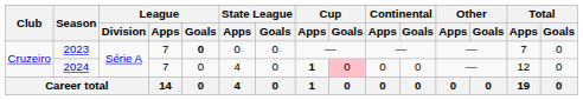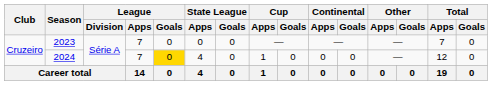 <table class="wikitable" style="text-align: center;">
 <tr>
 <th rowspan="2">Club</th>
 <th rowspan="2">Season</th>
 <th colspan="3">League</th>
 <th colspan="2">State League</th>
 <th colspan="2">Cup</th>
 <th colspan="2">Continental</th>
 <th colspan="2">Other</th>
 <th colspan="2">Total</th>
 </tr>
 <tr>
 <th>Division</th>
 <th>Apps</th>
 <th>Goals</th>
 <th>Apps</th>
 <th>Goals</th>
 <th>Apps</th>
 <th>Goals</th>
 <th>Apps</th>
 <th>Goals</th>
 <th>Apps</th>
 <th>Goals</th>
 <th>Apps</th>
 <th>Goals</th>
 </tr>
 <tr>
 <td rowspan="2"><a href='#'>Cruzeiro</a></td>
 <td><a href='#'>2023</a></td>
 <td rowspan="2"><a href='#'>Série A</a></td>
 <td>7</td>
-<td><strong>0</strong></td>
+<td>0</td>
 <td>0</td>
 <td>0</td>
 <td colspan="2">—</td>
 <td colspan="2">—</td>
 <td colspan="2">—</td>
 <td>7</td>
 <td>0</td>
 </tr>
 <tr>
 <td><a href='#'>2024</a></td>
 <td>7</td>
-<td>0</td>
+<td style="background: gold;">0</td>
 <td>4</td>
 <td>0</td>
-<td><strong>1</strong></td>
-<td style="background: pink;">0</td>
+<td>1</td>
+<td>0</td>
 <td>0</td>
 <td>0</td>
 <td colspan="2">—</td>
 <td>12</td>
 <td>0</td>
 </tr>
 <tr>
 <th colspan="3"><strong>Career total</strong></th>
 <th>14</th>
 <th>0</th>
 <th>4</th>
 <th>0</th>
 <th>1</th>
 <th>0</th>
 <th>0</th>
 <th>0</th>
 <th>0</th>
 <th>0</th>
 <th>19</th>
 <th>0</th>
 </tr>
 </table>
